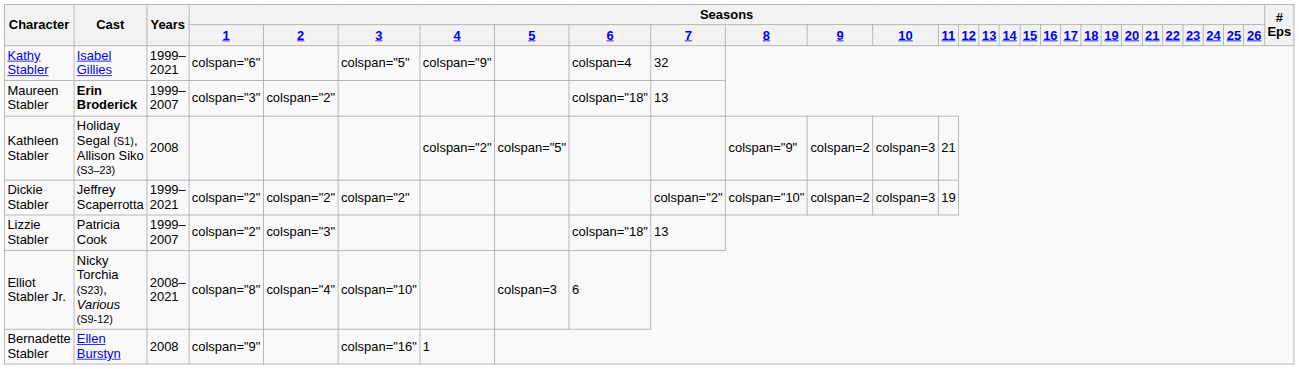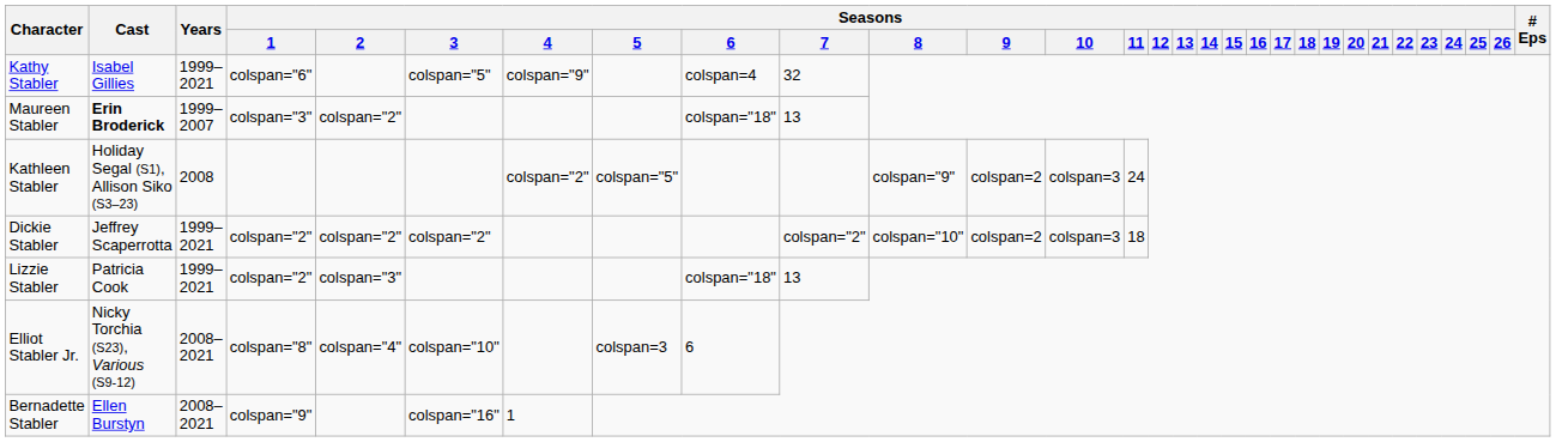 <table class="wikitable">
 <tr>
 <th rowspan="2">Character</th>
 <th rowspan="2">Cast</th>
 <th rowspan="2">Years</th>
 <th colspan="26">Seasons</th>
 <th rowspan="2"># Eps</th>
 </tr>
 <tr>
 <th><a href='#'>1</a></th>
 <th><a href='#'>2</a></th>
 <th><a href='#'>3</a></th>
 <th><a href='#'>4</a></th>
 <th><a href='#'>5</a></th>
 <th><a href='#'>6</a></th>
 <th><a href='#'>7</a></th>
 <th><a href='#'>8</a></th>
 <th><a href='#'>9</a></th>
 <th><a href='#'>10</a></th>
 <th><a href='#'>11</a></th>
 <th><a href='#'>12</a></th>
 <th><a href='#'>13</a></th>
 <th><a href='#'>14</a></th>
 <th><a href='#'>15</a></th>
 <th><a href='#'>16</a></th>
 <th><a href='#'>17</a></th>
 <th><a href='#'>18</a></th>
 <th><a href='#'>19</a></th>
 <th><a href='#'>20</a></th>
 <th><a href='#'>21</a></th>
 <th><a href='#'>22</a></th>
 <th><a href='#'>23</a></th>
 <th><a href='#'>24</a></th>
 <th><a href='#'>25</a></th>
 <th><a href='#'>26</a></th>
 </tr>
 <tr>
 <td><a href='#'>Kathy Stabler</a></td>
 <td><a href='#'>Isabel Gillies</a></td>
 <td>1999–2021</td>
 <td>colspan="6" </td>
 <td></td>
 <td>colspan="5" </td>
 <td>colspan="9" </td>
 <td></td>
 <td>colspan=4 </td>
 <td>32</td>
 </tr>
 <tr>
 <td>Maureen Stabler</td>
 <td><strong>Erin Broderick</strong></td>
 <td>1999–2007</td>
 <td>colspan="3" </td>
 <td>colspan="2" </td>
 <td></td>
 <td></td>
 <td></td>
 <td>colspan="18" </td>
 <td>13</td>
 </tr>
 <tr>
 <td>Kathleen Stabler</td>
 <td>Holiday Segal <small>(S1)</small>, Allison Siko <small>(S3–23)</small></td>
 <td>2008</td>
 <td></td>
 <td></td>
 <td></td>
 <td>colspan="2" </td>
 <td>colspan="5" </td>
 <td></td>
 <td></td>
 <td>colspan="9" </td>
 <td>colspan=2 </td>
 <td>colspan=3 </td>
-<td>21</td>
+<td>24</td>
 </tr>
 <tr>
 <td>Dickie Stabler</td>
 <td>Jeffrey Scaperrotta</td>
 <td>1999–2021</td>
 <td>colspan="2" </td>
 <td>colspan="2" </td>
 <td>colspan="2" </td>
 <td></td>
 <td></td>
 <td></td>
 <td>colspan="2" </td>
 <td>colspan="10" </td>
 <td>colspan=2 </td>
 <td>colspan=3 </td>
-<td>19</td>
+<td>18</td>
 </tr>
 <tr>
 <td>Lizzie Stabler</td>
 <td>Patricia Cook</td>
-<td>1999–2007</td>
+<td>1999–2021</td>
 <td>colspan="2" </td>
 <td>colspan="3" </td>
 <td></td>
 <td></td>
 <td></td>
 <td>colspan="18" </td>
 <td>13</td>
 </tr>
 <tr>
 <td>Elliot Stabler Jr.</td>
 <td>Nicky Torchia <small>(S23)</small>, <em>Various</em> <small>(S9-12)</small></td>
 <td>2008–2021</td>
 <td>colspan="8" </td>
 <td>colspan="4" </td>
 <td>colspan="10" </td>
 <td></td>
 <td>colspan=3 </td>
 <td>6</td>
 </tr>
 <tr>
 <td>Bernadette Stabler</td>
 <td><a href='#'>Ellen Burstyn</a></td>
-<td>2008</td>
+<td>2008–2021</td>
 <td>colspan="9" </td>
 <td></td>
 <td>colspan="16" </td>
 <td>1</td>
 </tr>
 </table>
